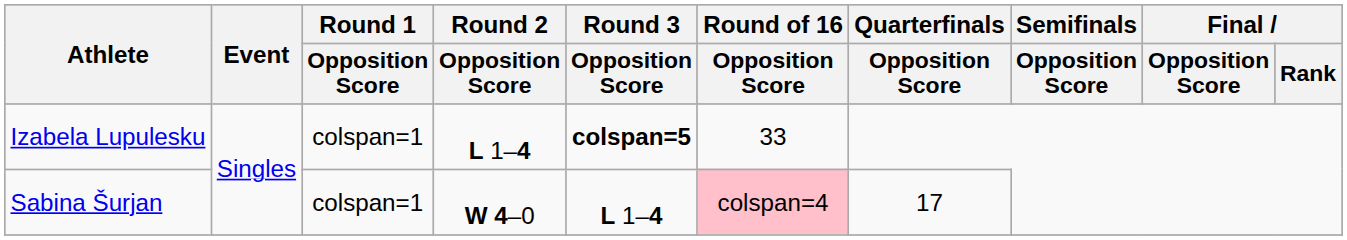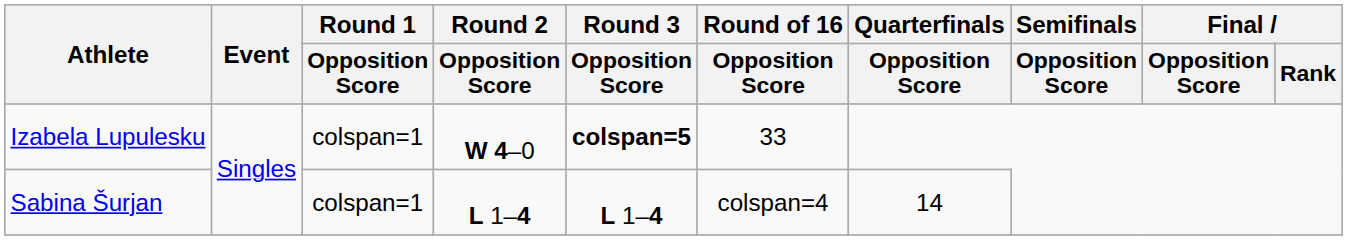 <table class=wikitable style="font-size:90%">
 <tr>
 <th rowspan="2">Athlete</th>
 <th rowspan="2">Event</th>
 <th>Round 1</th>
 <th>Round 2</th>
 <th>Round 3</th>
 <th>Round of 16</th>
 <th>Quarterfinals</th>
 <th>Semifinals</th>
 <th colspan=2>Final / </th>
 </tr>
 <tr style="font-size:95%">
 <th>Opposition<br>Score</th>
 <th>Opposition<br>Score</th>
 <th>Opposition<br>Score</th>
 <th>Opposition<br>Score</th>
 <th>Opposition<br>Score</th>
 <th>Opposition<br>Score</th>
 <th>Opposition<br>Score</th>
 <th>Rank</th>
 </tr>
 <tr align=center>
 <td align=left><a href='#'>Izabela Lupulesku</a></td>
 <td align=left rowspan=2><a href='#'>Singles</a></td>
 <td>colspan=1 </td>
-<td><br> <strong>L</strong> 1–<strong>4</strong></td>
+<td><br> <strong>W</strong> <strong>4</strong>–0</td>
 <td><strong>colspan=5 </strong></td>
 <td>33</td>
 </tr>
 <tr align=center>
 <td align=left><a href='#'>Sabina Šurjan</a></td>
 <td>colspan=1 </td>
-<td><br> <strong>W</strong> <strong>4</strong>–0</td>
 <td><br> <strong>L</strong> 1–<strong>4</strong></td>
-<td style="background: pink;">colspan=4 </td>
-<td>17</td>
+<td><br> <strong>L</strong> 1–<strong>4</strong></td>
+<td>colspan=4 </td>
+<td>14</td>
 </tr>
 </table>
